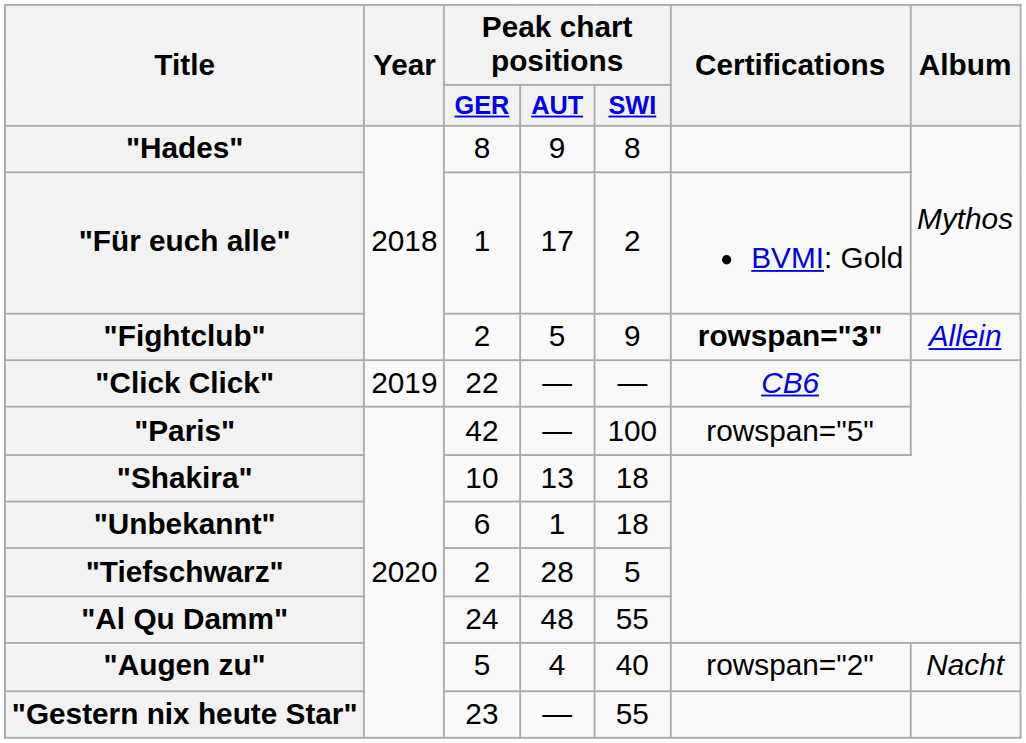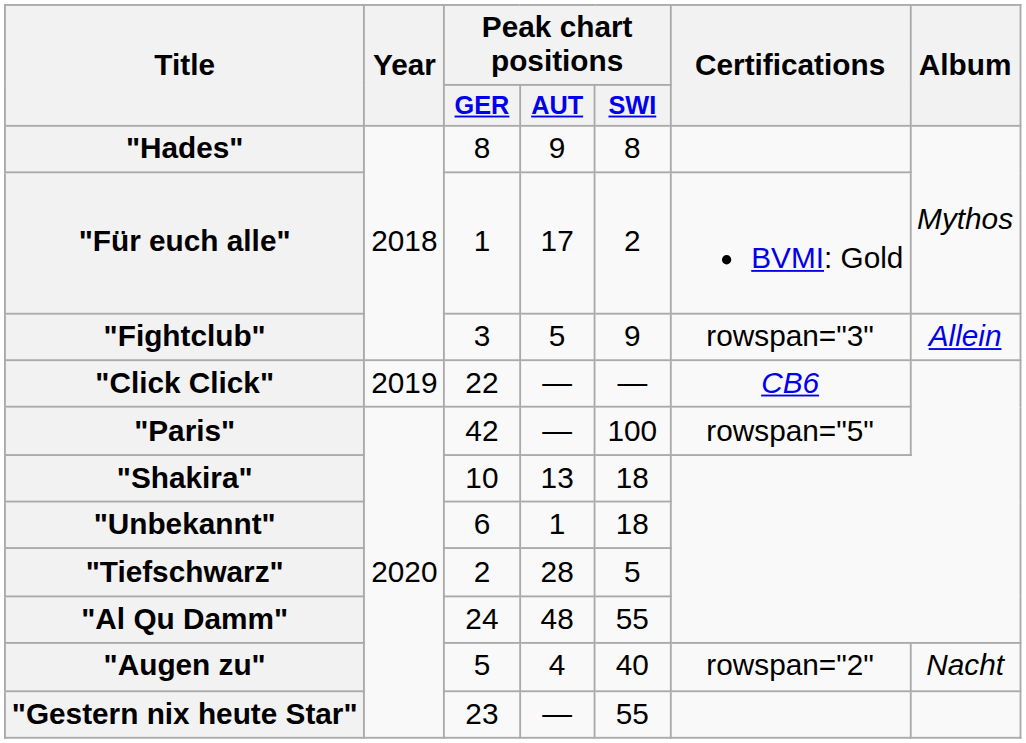 <table class="wikitable plainrowheaders" style="text-align:center;">
 <tr>
 <th scope="col" rowspan="2">Title</th>
 <th scope="col" rowspan="2">Year</th>
 <th scope="col" colspan="3">Peak chart positions</th>
 <th rowspan="2">Certifications</th>
 <th scope="col" rowspan="2">Album</th>
 </tr>
 <tr>
 <th style="width:2.5em; font-size:85%"><a href='#'>GER</a><br></th>
 <th style="width:2.5em; font-size:85%"><a href='#'>AUT</a><br></th>
 <th style="width:2.5em; font-size:85%"><a href='#'>SWI</a><br></th>
 </tr>
 <tr>
 <th scope="row">"Hades"<br></th>
 <td rowspan="3">2018</td>
 <td>8</td>
 <td>9</td>
 <td>8</td>
 <td></td>
 <td rowspan="2"><em>Mythos</em></td>
 </tr>
 <tr>
 <th scope="row">"Für euch alle"<br></th>
 <td>1</td>
 <td>17</td>
 <td>2</td>
 <td><br><ul><li><a href='#'>BVMI</a>: Gold</li></ul></td>
 </tr>
 <tr>
 <th scope="row">"Fightclub"<br></th>
-<td>2</td>
+<td>3</td>
 <td>5</td>
 <td>9</td>
-<td><strong>rowspan="3" </strong></td>
+<td>rowspan="3" </td>
 <td><em><a href='#'>Allein</a></em></td>
 </tr>
 <tr>
 <th scope="row">"Click Click"<br></th>
 <td>2019</td>
 <td>22</td>
 <td>—</td>
 <td>—</td>
 <td><em><a href='#'>CB6</a></em></td>
 </tr>
 <tr>
 <th scope="row">"Paris"<br></th>
 <td rowspan="7">2020</td>
 <td>42</td>
 <td>—</td>
 <td>100</td>
 <td>rowspan="5" </td>
 </tr>
 <tr>
 <th scope="row">"Shakira"<br></th>
 <td>10</td>
 <td>13</td>
 <td>18</td>
 </tr>
 <tr>
 <th scope="row">"Unbekannt"<br></th>
 <td>6</td>
 <td>1</td>
 <td>18</td>
 </tr>
 <tr>
 <th scope="row">"Tiefschwarz"<br></th>
 <td>2</td>
 <td>28</td>
 <td>5</td>
 </tr>
 <tr>
 <th scope="row">"Al Qu Damm"<br></th>
 <td>24</td>
 <td>48</td>
 <td>55</td>
 </tr>
 <tr>
 <th scope="row">"Augen zu"<br></th>
 <td>5</td>
 <td>4</td>
 <td>40</td>
 <td>rowspan="2" </td>
 <td><em>Nacht</em></td>
 </tr>
 <tr>
 <th scope="row">"Gestern nix heute Star"<br></th>
 <td>23</td>
 <td>—</td>
 <td>55</td>
 <td></td>
 </tr>
 </table>
